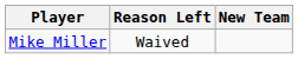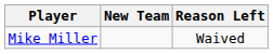 <table class="wikitable sortable sortable">
 <tr>
 <th>Player</th>
+<th>New Team</th>
 <th>Reason Left</th>
-<th>New Team</th>
 </tr>
 <tr style="text-align: center">
 <td><a href='#'>Mike Miller</a></td>
+<td></td>
 <td>Waived</td>
-<td></td>
 </tr>
 </table>
